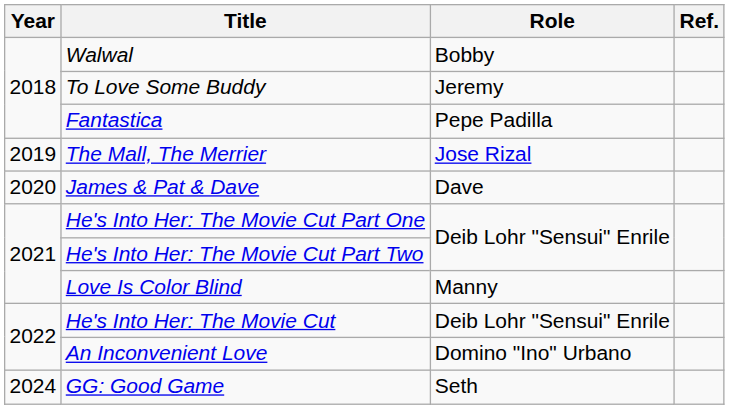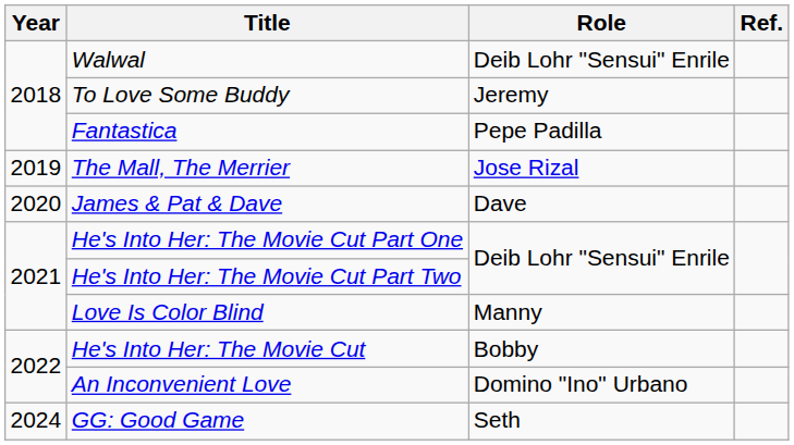 <table class="wikitable">
 <tr>
 <th>Year</th>
 <th>Title</th>
 <th>Role</th>
 <th>Ref.</th>
 </tr>
 <tr>
 <td rowspan="3">2018</td>
 <td><em>Walwal</em></td>
-<td>Bobby</td>
+<td>Deib Lohr "Sensui" Enrile</td>
 <td></td>
 </tr>
 <tr>
 <td><em>To Love Some Buddy</em></td>
 <td>Jeremy</td>
 <td></td>
 </tr>
 <tr>
 <td><em><a href='#'>Fantastica</a></em></td>
 <td>Pepe Padilla</td>
 <td></td>
 </tr>
 <tr>
 <td>2019</td>
 <td><em><a href='#'>The Mall, The Merrier</a></em></td>
 <td><a href='#'>Jose Rizal</a></td>
 <td></td>
 </tr>
 <tr>
 <td>2020</td>
 <td><em><a href='#'>James & Pat & Dave</a></em></td>
 <td>Dave</td>
 <td></td>
 </tr>
 <tr>
 <td rowspan="3">2021</td>
 <td><em><a href='#'>He's Into Her: The Movie Cut Part One</a></em></td>
 <td rowspan="2">Deib Lohr "Sensui" Enrile</td>
 <td rowspan="2"></td>
 </tr>
 <tr>
 <td><em><a href='#'>He's Into Her: The Movie Cut Part Two</a></em></td>
 </tr>
 <tr>
 <td><em><a href='#'>Love Is Color Blind</a></em></td>
 <td>Manny</td>
 <td></td>
 </tr>
 <tr>
 <td rowspan="2">2022</td>
 <td><em><a href='#'>He's Into Her: The Movie Cut</a></em></td>
-<td>Deib Lohr "Sensui" Enrile</td>
+<td>Bobby</td>
 <td></td>
 </tr>
 <tr>
 <td><em><a href='#'>An Inconvenient Love</a></em></td>
 <td>Domino "Ino" Urbano</td>
 <td></td>
 </tr>
 <tr>
 <td>2024</td>
 <td><em><a href='#'>GG: Good Game</a></em></td>
 <td>Seth</td>
 <td></td>
 </tr>
 </table>
